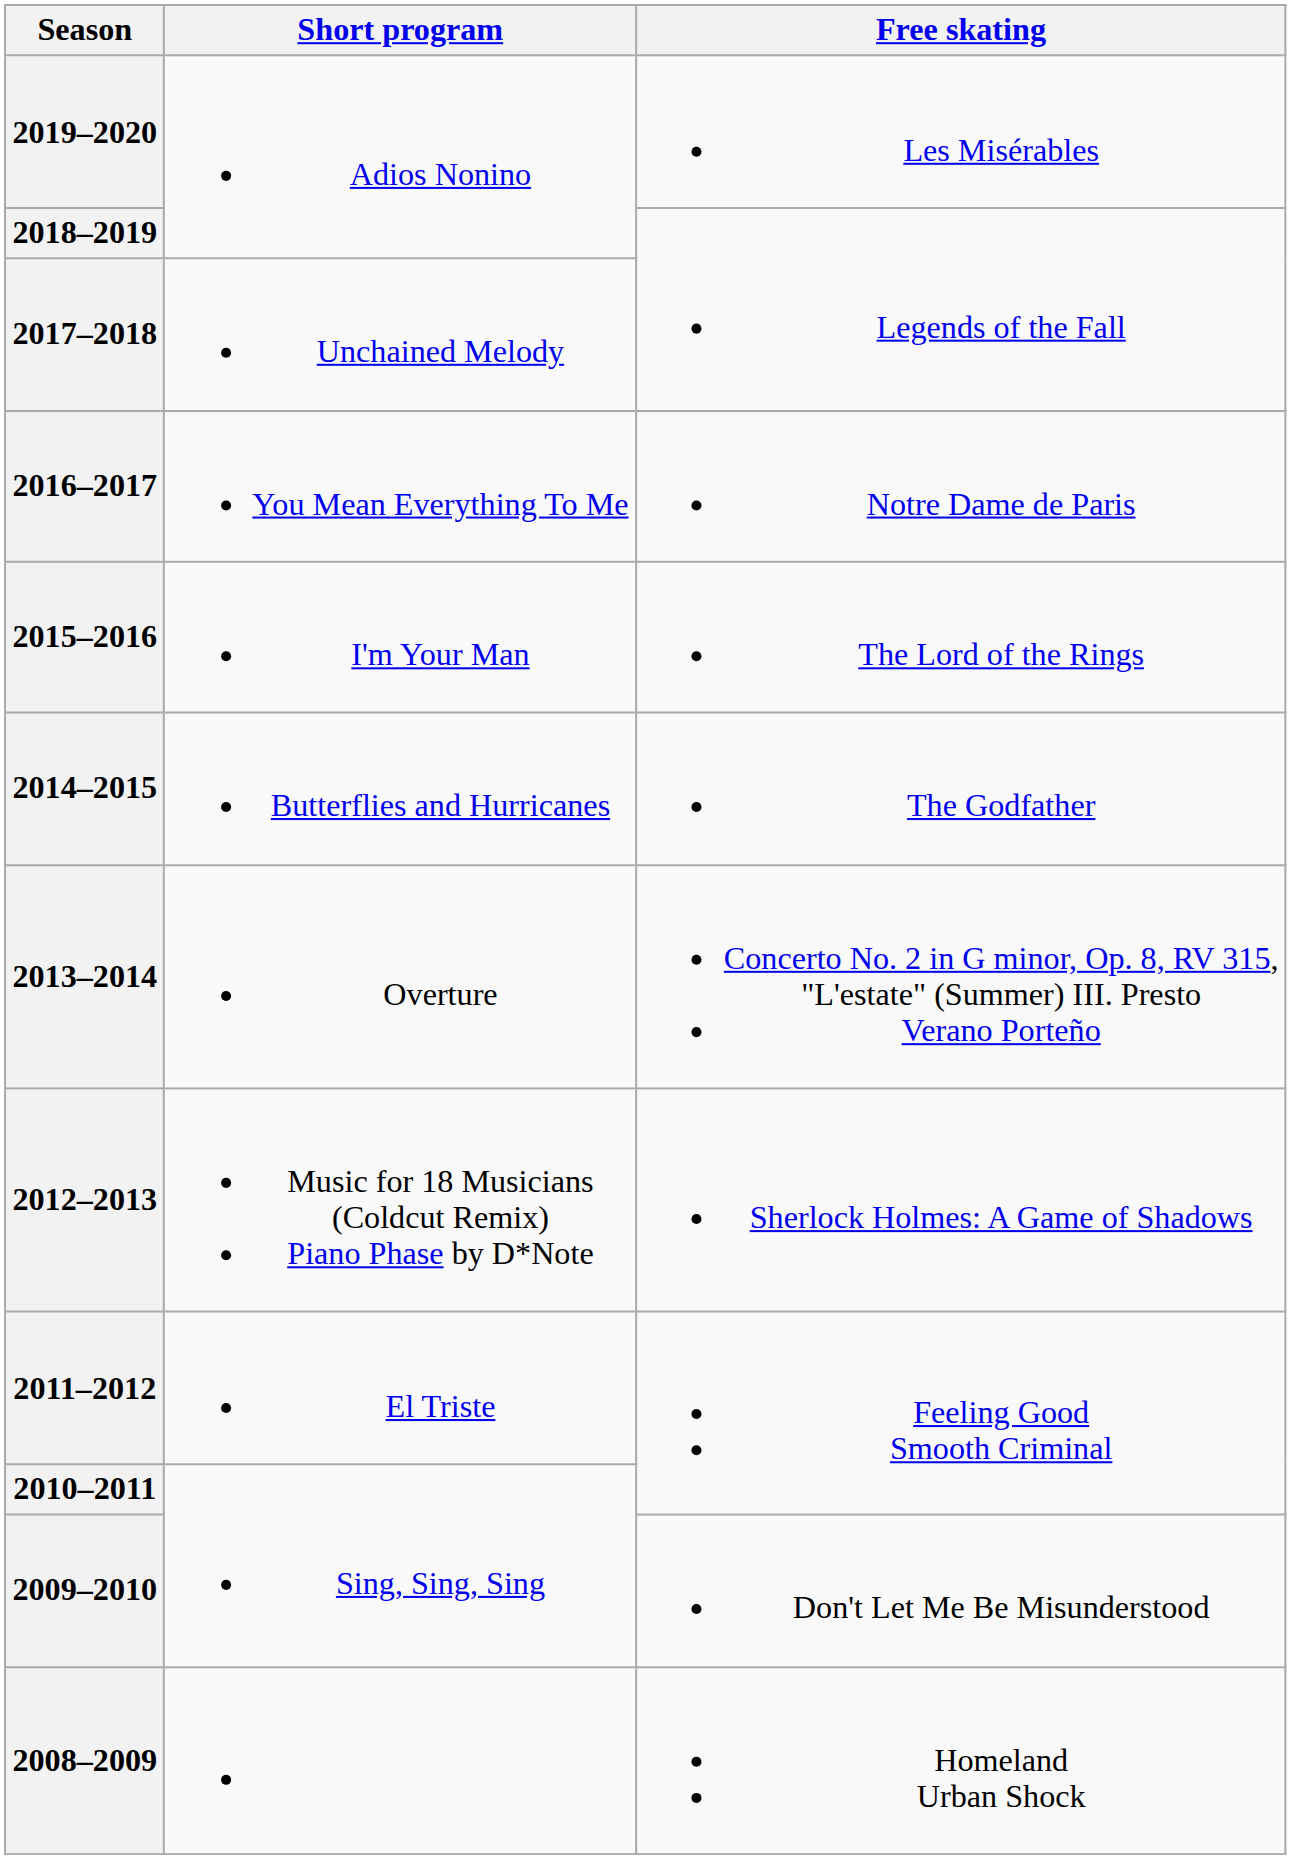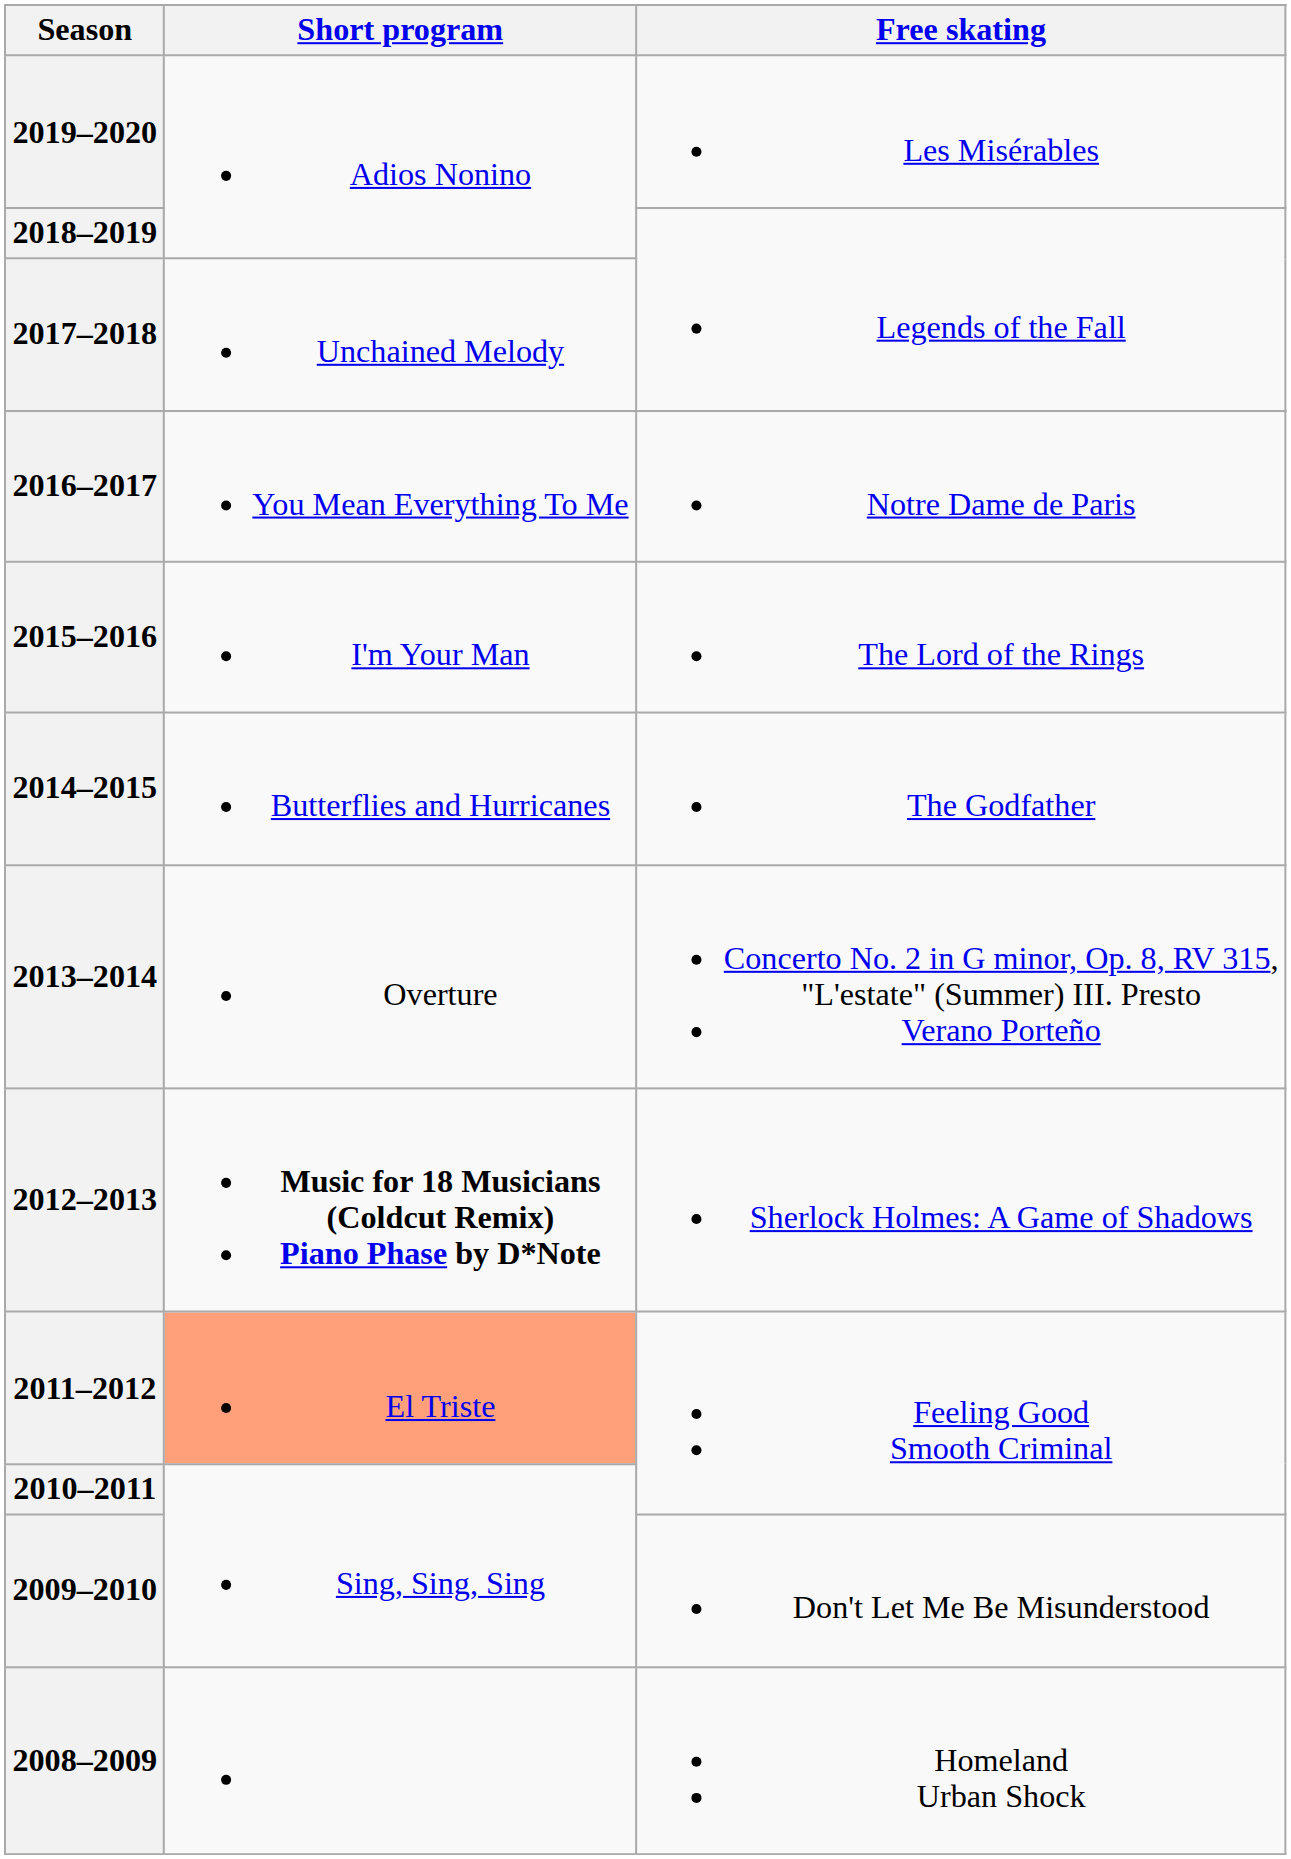 <table class="wikitable" style="text-align:center">
 <tr>
 </tr>
 <tr>
 <th>Season</th>
 <th><a href='#'>Short program</a></th>
 <th><a href='#'>Free skating</a></th>
 </tr>
 <tr>
 <th>2019–2020</th>
 <td rowspan=2><br><ul><li><a href='#'>Adios Nonino</a> <br> </li></ul></td>
 <td><br><ul><li><a href='#'>Les Misérables</a> <br> </li></ul></td>
 </tr>
 <tr>
 <th>2018–2019</th>
 <td rowspan=2><br><ul><li><a href='#'>Legends of the Fall</a> <br> </li></ul></td>
 </tr>
 <tr>
 <th>2017–2018 <br></th>
 <td><br><ul><li><a href='#'>Unchained Melody</a> <br></li></ul></td>
 </tr>
 <tr>
 </tr>
 <tr>
 <th>2016–2017 <br> </th>
 <td><br><ul><li><a href='#'>You Mean Everything To Me</a> <br></li></ul></td>
 <td><br><ul><li><a href='#'>Notre Dame de Paris</a> <br> </li></ul></td>
 </tr>
 <tr>
 <th>2015–2016 <br> </th>
 <td><br><ul><li><a href='#'>I'm Your Man</a> <br></li></ul></td>
 <td><br><ul><li><a href='#'>The Lord of the Rings</a> <br></li></ul></td>
 </tr>
 <tr>
 <th>2014–2015 <br> </th>
 <td><br><ul><li><a href='#'>Butterflies and Hurricanes</a> <br></li></ul></td>
 <td><br><ul><li><a href='#'>The Godfather</a> <br></li></ul></td>
 </tr>
 <tr>
 <th>2013–2014</th>
 <td><br><ul><li>Overture <br> </li></ul></td>
 <td><br><ul><li><a href='#'>Concerto No. 2 in G minor, Op. 8, RV 315</a>, <br> "L'estate" (Summer) III. Presto <br> </li><li><a href='#'>Verano Porteño</a> <br> </li></ul></td>
 </tr>
 <tr>
 <th>2012–2013</th>
-<td><br><ul><li>Music for 18 Musicians <br>(Coldcut Remix)</li><li><a href='#'>Piano Phase</a> by D*Note <br> </li></ul></td>
+<td><strong><br><ul><li>Music for 18 Musicians <br>(Coldcut Remix)</li><li><a href='#'>Piano Phase</a> by D*Note <br> </li></ul></strong></td>
 <td><br><ul><li><a href='#'>Sherlock Holmes: A Game of Shadows</a> <br></li></ul></td>
 </tr>
 <tr>
 <th>2011–2012</th>
-<td><br><ul><li><a href='#'>El Triste</a> <br> </li></ul></td>
+<td style="background: lightsalmon;"><br><ul><li><a href='#'>El Triste</a> <br> </li></ul></td>
 <td rowspan=2><br><ul><li><a href='#'>Feeling Good</a> <br> </li><li><a href='#'>Smooth Criminal</a> <br> </li></ul></td>
 </tr>
 <tr>
 <th>2010–2011</th>
 <td rowspan=2><br><ul><li><a href='#'>Sing, Sing, Sing</a> <br> </li></ul></td>
 </tr>
 <tr>
 <th>2009–2010</th>
 <td><br><ul><li>Don't Let Me Be Misunderstood <br> </li></ul></td>
 </tr>
 <tr>
 <th>2008–2009</th>
 <td><br><ul><li></li></ul></td>
 <td><br><ul><li>Homeland <br> </li><li>Urban Shock <br> </li></ul></td>
 </tr>
 </table>
